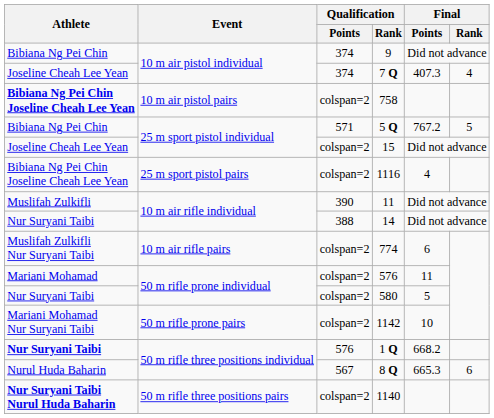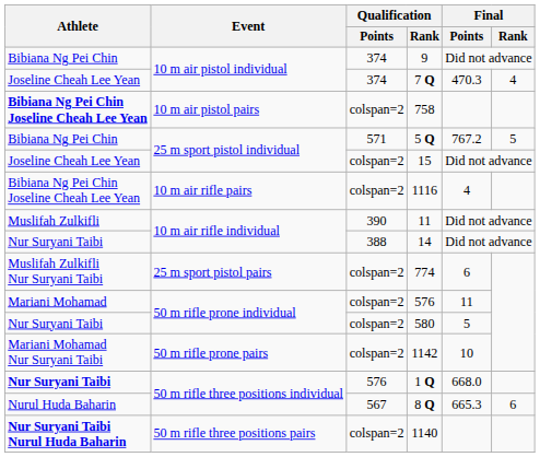 <table class="wikitable" style="font-size:90%;">
 <tr>
 <th rowspan=2>Athlete</th>
 <th rowspan=2>Event</th>
 <th colspan=2>Qualification</th>
 <th colspan=2>Final</th>
 </tr>
 <tr style="font-size:95%">
 <th>Points</th>
 <th>Rank</th>
 <th>Points</th>
 <th>Rank</th>
 </tr>
 <tr align=center>
 <td align=left><a href='#'>Bibiana Ng Pei Chin</a></td>
 <td align=left rowspan=2><a href='#'>10 m air pistol individual</a></td>
 <td>374</td>
 <td>9</td>
 <td colspan=2>Did not advance</td>
 </tr>
 <tr align=center>
 <td align=left><a href='#'>Joseline Cheah Lee Yean</a></td>
 <td>374</td>
 <td>7 <strong>Q</strong></td>
-<td>407.3</td>
+<td>470.3</td>
 <td>4</td>
 </tr>
 <tr align=center>
 <td align=left><strong><a href='#'>Bibiana Ng Pei Chin</a><br><a href='#'>Joseline Cheah Lee Yean</a></strong></td>
 <td align=left><a href='#'>10 m air pistol pairs</a></td>
 <td>colspan=2 </td>
 <td>758</td>
 <td></td>
 </tr>
 <tr align=center>
 <td align=left><a href='#'>Bibiana Ng Pei Chin</a></td>
 <td align=left rowspan=2><a href='#'>25 m sport pistol individual</a></td>
 <td>571</td>
 <td>5 <strong>Q</strong></td>
 <td>767.2</td>
 <td>5</td>
 </tr>
 <tr align=center>
 <td align=left><a href='#'>Joseline Cheah Lee Yean</a></td>
 <td>colspan=2 </td>
 <td>15</td>
 <td colspan=2>Did not advance</td>
 </tr>
 <tr align=center>
 <td align=left><a href='#'>Bibiana Ng Pei Chin</a><br><a href='#'>Joseline Cheah Lee Yean</a></td>
-<td align=left><a href='#'>25 m sport pistol pairs</a></td>
+<td align=left><a href='#'>10 m air rifle pairs</a></td>
 <td>colspan=2 </td>
 <td>1116</td>
 <td>4</td>
 </tr>
 <tr align=center>
 <td align=left><a href='#'>Muslifah Zulkifli</a></td>
 <td align=left rowspan=2><a href='#'>10 m air rifle individual</a></td>
 <td>390</td>
 <td>11</td>
 <td colspan=2>Did not advance</td>
 </tr>
 <tr align=center>
 <td align=left><a href='#'>Nur Suryani Taibi</a></td>
 <td>388</td>
 <td>14</td>
 <td colspan=2>Did not advance</td>
 </tr>
 <tr align=center>
 <td align=left><a href='#'>Muslifah Zulkifli</a><br><a href='#'>Nur Suryani Taibi</a></td>
-<td align=left><a href='#'>10 m air rifle pairs</a></td>
+<td align=left><a href='#'>25 m sport pistol pairs</a></td>
 <td>colspan=2 </td>
 <td>774</td>
 <td>6</td>
 </tr>
 <tr align=center>
 <td align=left><a href='#'>Mariani Mohamad</a></td>
 <td align=left rowspan=2><a href='#'>50 m rifle prone individual</a></td>
 <td>colspan=2 </td>
 <td>576</td>
 <td>11</td>
 </tr>
 <tr align=center>
 <td align=left><a href='#'>Nur Suryani Taibi</a></td>
 <td>colspan=2 </td>
 <td>580</td>
 <td>5</td>
 </tr>
 <tr align=center>
 <td align=left><a href='#'>Mariani Mohamad</a><br><a href='#'>Nur Suryani Taibi</a></td>
 <td align=left><a href='#'>50 m rifle prone pairs</a></td>
 <td>colspan=2 </td>
 <td>1142</td>
 <td>10</td>
 </tr>
 <tr align=center>
 <td align=left><strong><a href='#'>Nur Suryani Taibi</a></strong></td>
 <td align=left rowspan=2><a href='#'>50 m rifle three positions individual</a></td>
 <td>576</td>
 <td>1 <strong>Q</strong></td>
-<td>668.2</td>
+<td>668.0</td>
 <td></td>
 </tr>
 <tr align=center>
 <td align=left><a href='#'>Nurul Huda Baharin</a></td>
 <td>567</td>
 <td>8 <strong>Q</strong></td>
 <td>665.3</td>
 <td>6</td>
 </tr>
 <tr align=center>
 <td align=left><strong><a href='#'>Nur Suryani Taibi</a><br><a href='#'>Nurul Huda Baharin</a></strong></td>
 <td align=left><a href='#'>50 m rifle three positions pairs</a></td>
 <td>colspan=2 </td>
 <td>1140</td>
 <td></td>
 </tr>
 </table>
